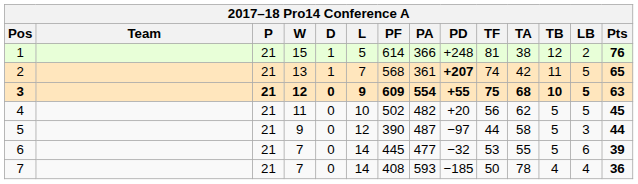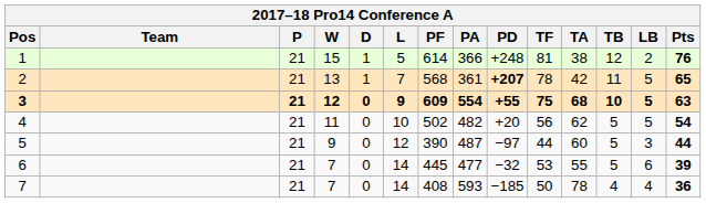 <table class="wikitable" style="text-align:center; line-height:100%; font-size:100%; width:60%;">
 <tr>
 <th colspan="100%" cellpadding="0" cellspacing="0">2017–18 Pro14 Conference A</th>
 </tr>
 <tr>
 <th style="width:5%;">Pos</th>
 <th style="width:35%;">Team</th>
 <th style="width:5%;">P</th>
 <th style="width:5%;">W</th>
 <th style="width:5%;">D</th>
 <th style="width:5%;">L</th>
 <th style="width:5%;">PF</th>
 <th style="width:5%;">PA</th>
 <th style="width:5%;">PD</th>
 <th style="width:5%;">TF</th>
 <th style="width:5%;">TA</th>
 <th style="width:5%;">TB</th>
 <th style="width:5%;">LB</th>
 <th style="width:5%;">Pts<br></th>
 </tr>
 <tr style="background:#E8FFD8;">
 <td>1</td>
 <td style="text-align:left;"></td>
 <td>21</td>
 <td>15</td>
 <td>1</td>
 <td>5</td>
 <td>614</td>
 <td>366</td>
 <td>+248</td>
 <td>81</td>
 <td>38</td>
 <td>12</td>
 <td>2</td>
 <td><strong>76</strong></td>
 </tr>
 <tr style="background:#FFE6BD;">
 <td>2</td>
 <td style="text-align:left;"></td>
 <td>21</td>
 <td>13</td>
 <td>1</td>
 <td>7</td>
 <td>568</td>
 <td>361</td>
 <td><strong>+207</strong></td>
-<td>74</td>
+<td>78</td>
 <td>42</td>
 <td>11</td>
 <td>5</td>
 <td><strong>65</strong></td>
 </tr>
 <tr style="font-weight:bold; background:#FFE6BD;">
 <td>3</td>
 <td style="text-align:left;"></td>
 <td>21</td>
 <td>12</td>
 <td>0</td>
 <td>9</td>
 <td>609</td>
 <td>554</td>
 <td>+55</td>
 <td>75</td>
 <td>68</td>
 <td>10</td>
 <td>5</td>
 <td><strong>63</strong></td>
 </tr>
 <tr>
 <td>4</td>
 <td style="text-align:left;"></td>
 <td>21</td>
 <td>11</td>
 <td>0</td>
 <td>10</td>
 <td>502</td>
 <td>482</td>
 <td>+20</td>
 <td>56</td>
 <td>62</td>
 <td>5</td>
 <td>5</td>
-<td><strong>45</strong></td>
+<td><strong>54</strong></td>
 </tr>
 <tr>
 <td>5</td>
 <td style="text-align:left;"></td>
 <td>21</td>
 <td>9</td>
 <td>0</td>
 <td>12</td>
 <td>390</td>
 <td>487</td>
 <td>−97</td>
 <td>44</td>
-<td>58</td>
+<td>60</td>
 <td>5</td>
 <td>3</td>
 <td><strong>44</strong></td>
 </tr>
 <tr>
 <td>6</td>
 <td style="text-align:left;"></td>
 <td>21</td>
 <td>7</td>
 <td>0</td>
 <td>14</td>
 <td>445</td>
 <td>477</td>
 <td>−32</td>
 <td>53</td>
 <td>55</td>
 <td>5</td>
 <td>6</td>
 <td><strong>39</strong></td>
 </tr>
 <tr>
 <td>7</td>
 <td style="text-align:left;"></td>
 <td>21</td>
 <td>7</td>
 <td>0</td>
 <td>14</td>
 <td>408</td>
 <td>593</td>
 <td>−185</td>
 <td>50</td>
 <td>78</td>
 <td>4</td>
 <td>4</td>
 <td><strong>36</strong></td>
 </tr>
 </table>
